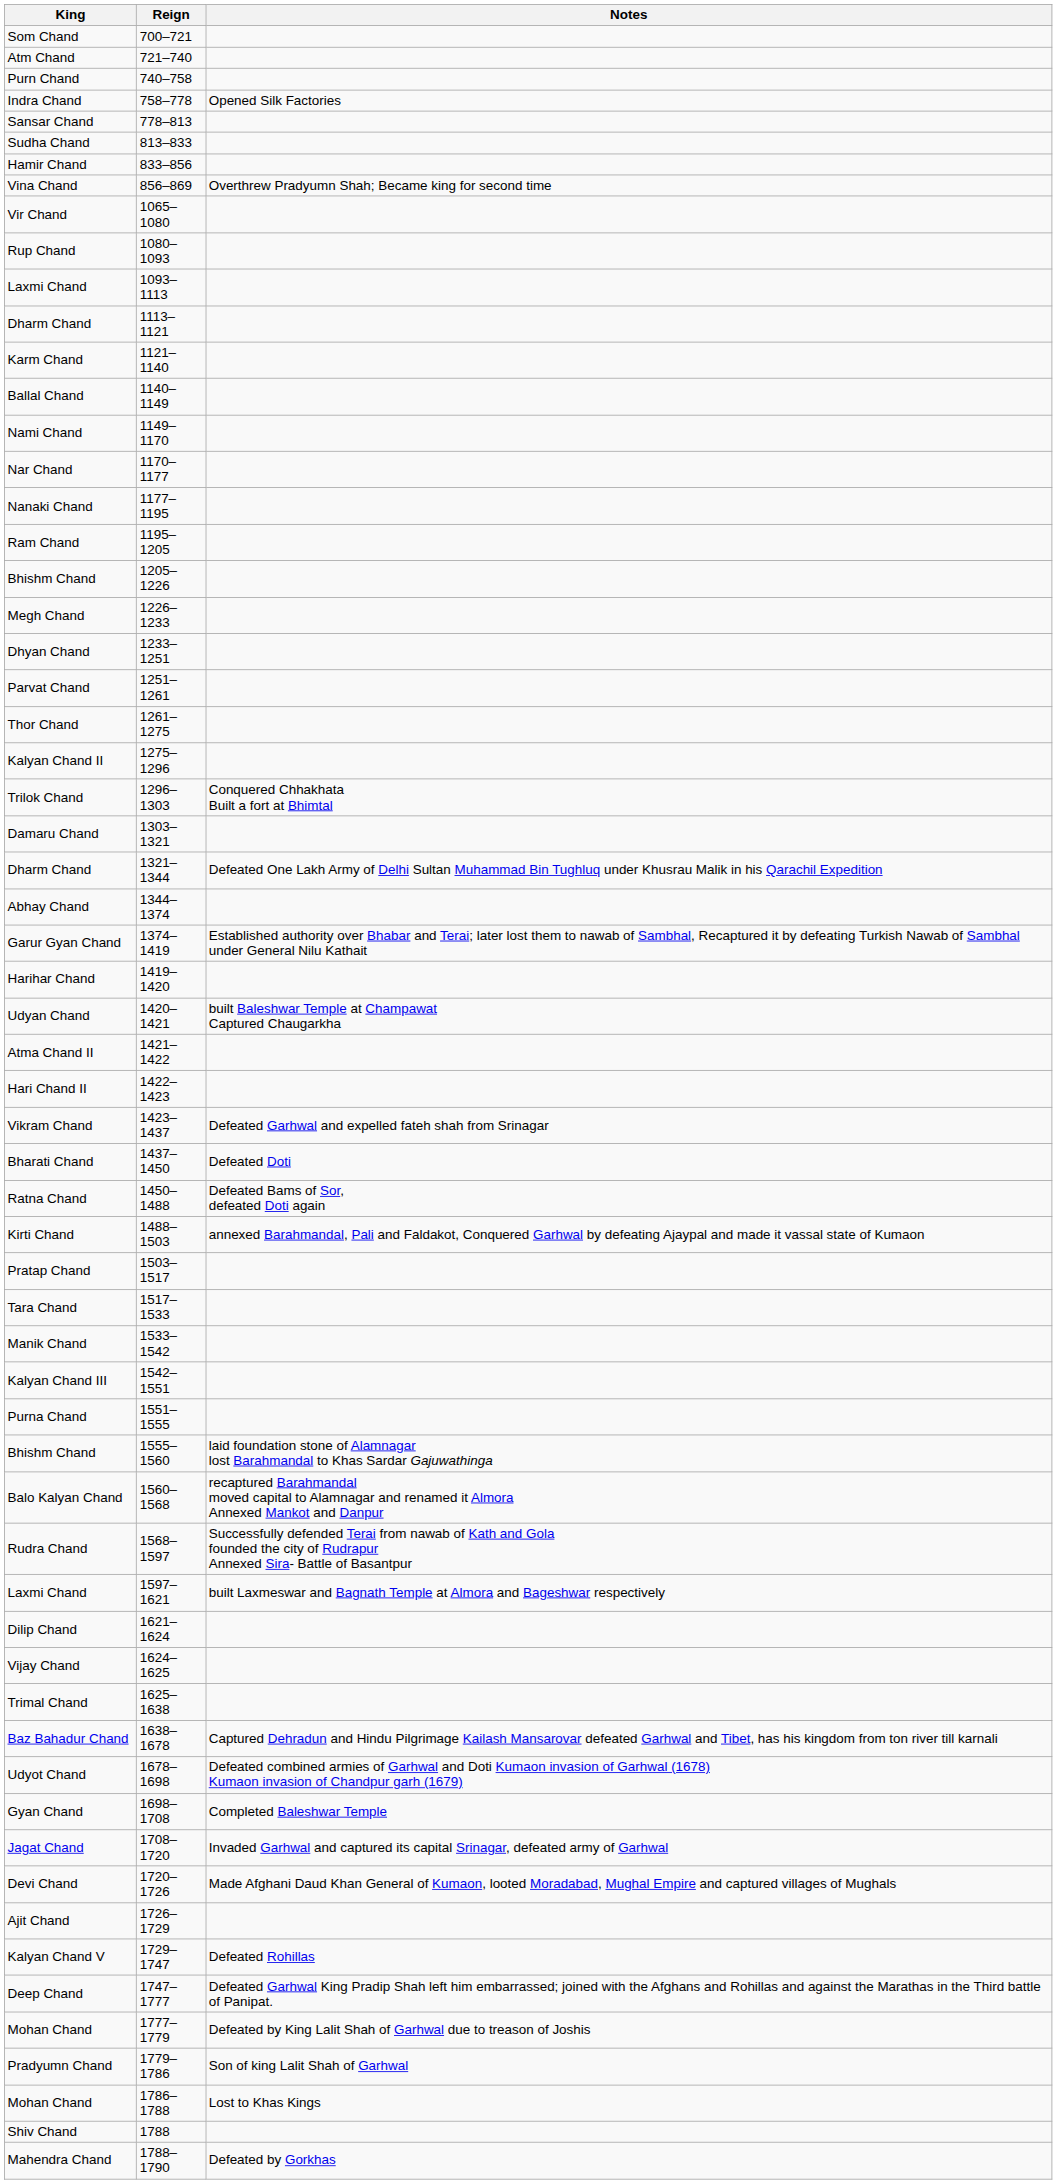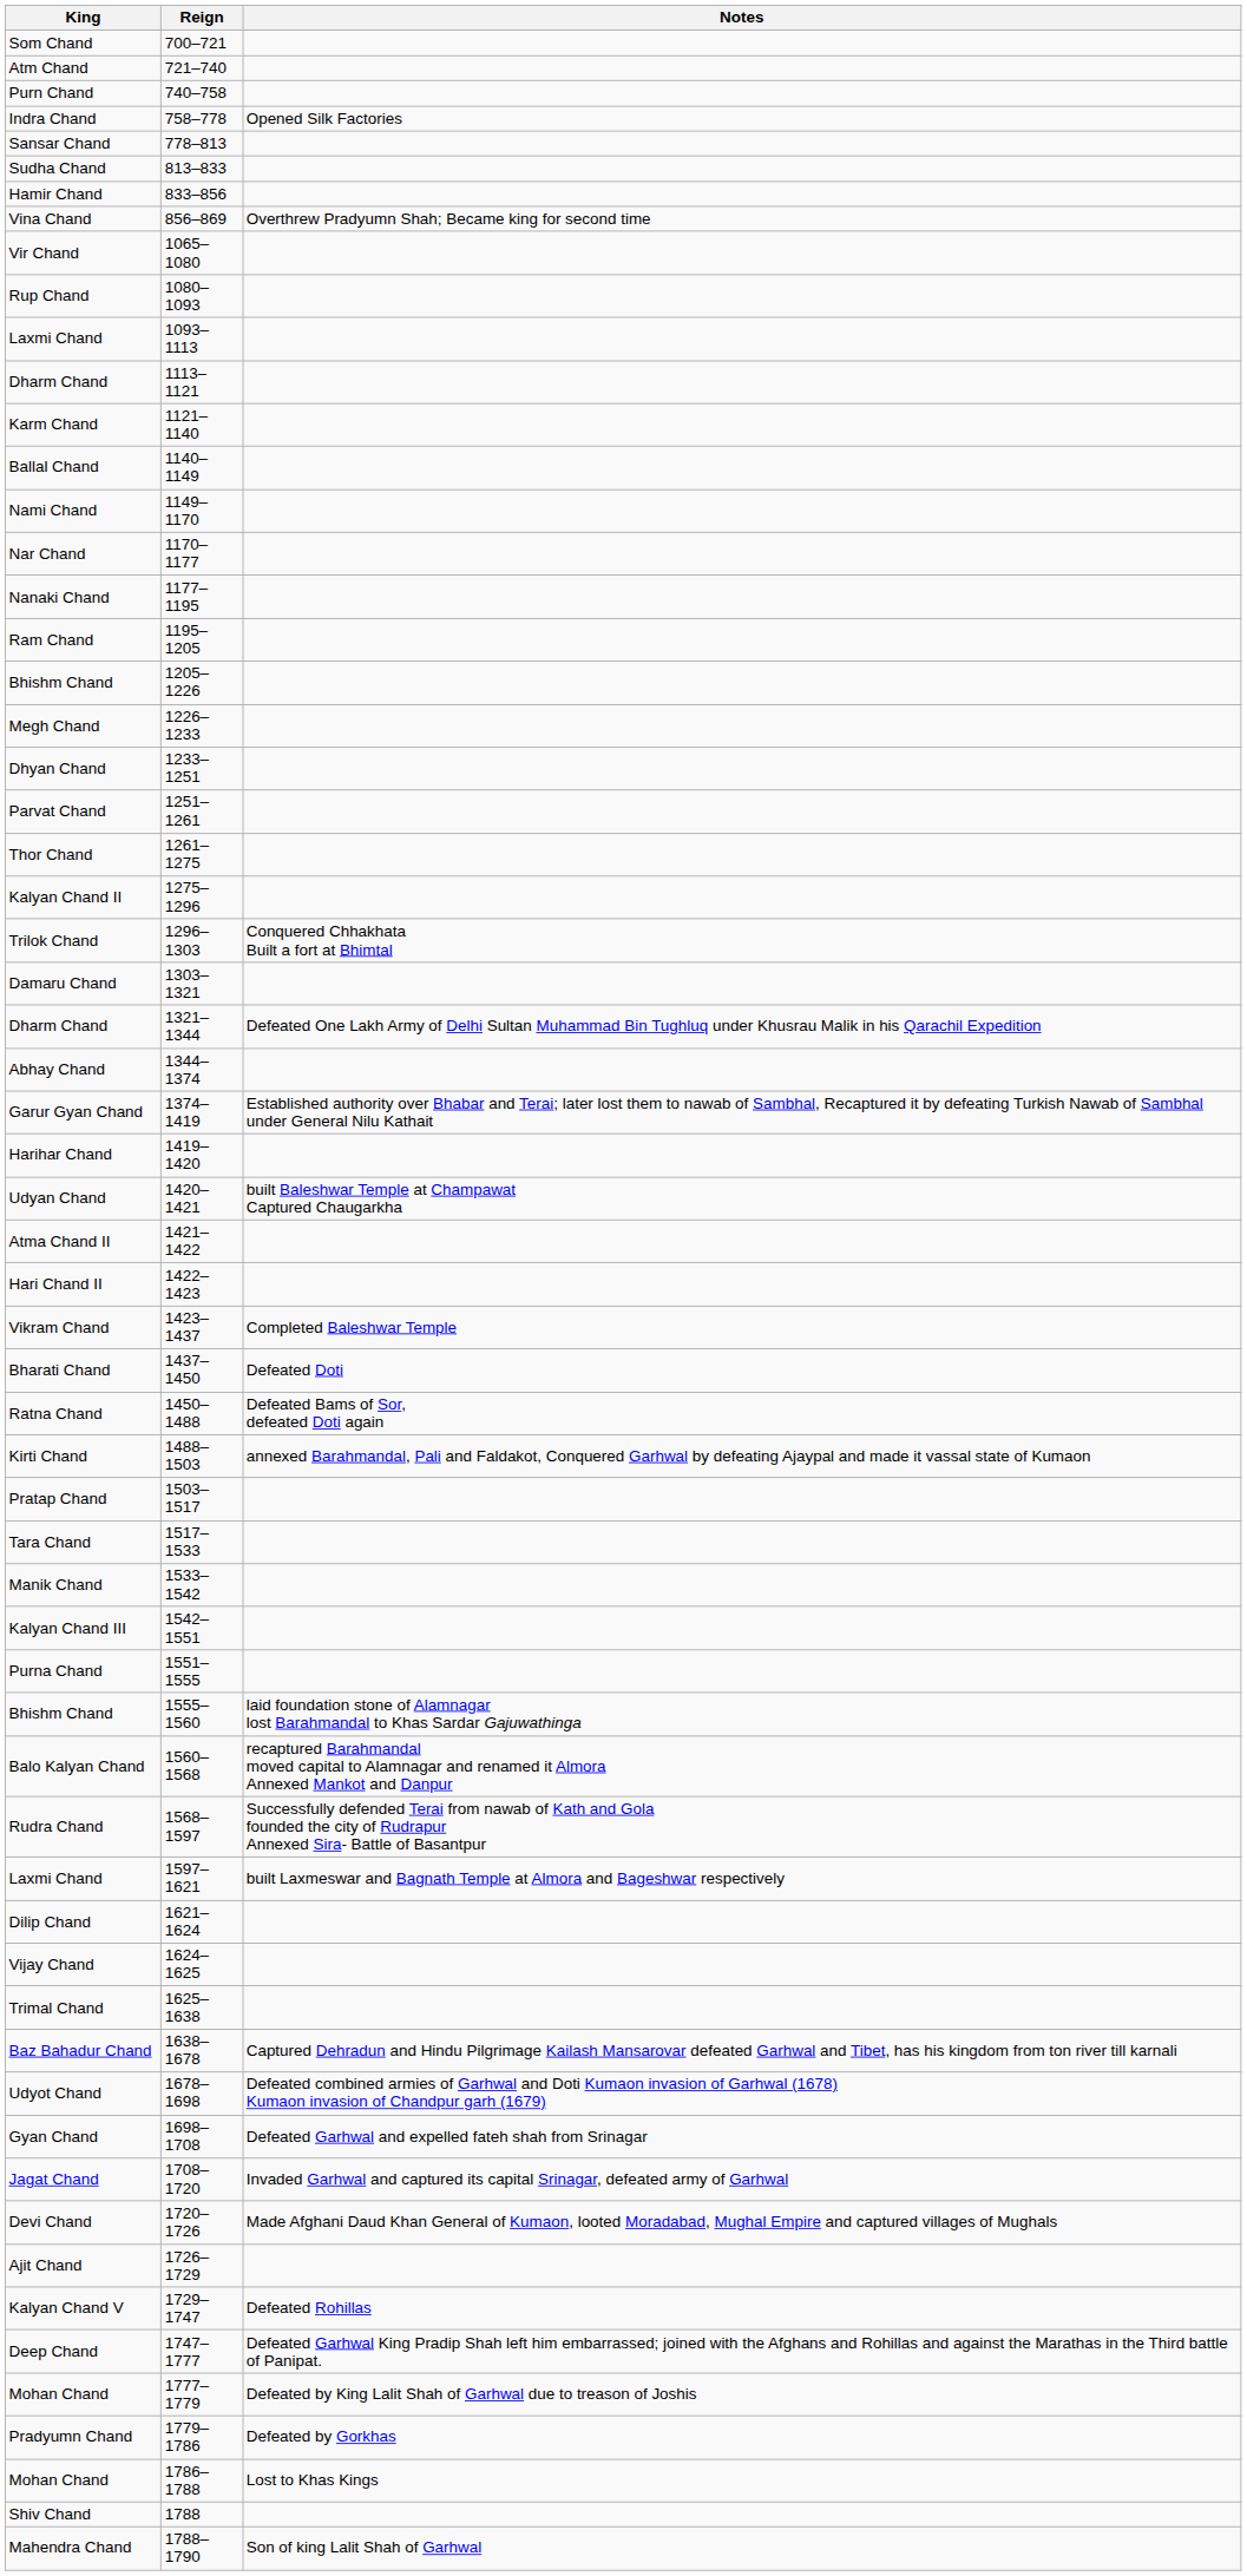 <table class="sortable wikitable">
 <tr>
 <th width="150" rowspan="1">King</th>
 <th rowspan="1">Reign</th>
 <th rowspan="1">Notes</th>
 </tr>
 <tr>
 <td>Som Chand</td>
 <td>700–721</td>
 <td></td>
 </tr>
 <tr>
 <td>Atm Chand</td>
 <td>721–740</td>
 <td></td>
 </tr>
 <tr>
 <td>Purn Chand</td>
 <td>740–758</td>
 <td></td>
 </tr>
 <tr>
 <td>Indra Chand</td>
 <td>758–778</td>
 <td>Opened Silk Factories</td>
 </tr>
 <tr>
 <td>Sansar Chand</td>
 <td>778–813</td>
 <td></td>
 </tr>
 <tr>
 <td>Sudha Chand</td>
 <td>813–833</td>
 <td></td>
 </tr>
 <tr>
 <td>Hamir Chand</td>
 <td>833–856</td>
 <td></td>
 </tr>
 <tr>
 <td>Vina Chand</td>
 <td>856–869</td>
 <td>Overthrew Pradyumn Shah; Became king for second time</td>
 </tr>
 <tr>
 <td>Vir Chand</td>
 <td>1065–1080</td>
 <td></td>
 </tr>
 <tr>
 <td>Rup Chand</td>
 <td>1080–1093</td>
 <td></td>
 </tr>
 <tr>
 <td>Laxmi Chand</td>
 <td>1093–1113</td>
 <td></td>
 </tr>
 <tr>
 <td>Dharm Chand</td>
 <td>1113–1121</td>
 <td></td>
 </tr>
 <tr>
 <td>Karm Chand</td>
 <td>1121–1140</td>
 <td></td>
 </tr>
 <tr>
 <td>Ballal Chand</td>
 <td>1140–1149</td>
 <td></td>
 </tr>
 <tr>
 <td>Nami Chand</td>
 <td>1149–1170</td>
 <td></td>
 </tr>
 <tr>
 <td>Nar Chand</td>
 <td>1170–1177</td>
 <td></td>
 </tr>
 <tr>
 <td>Nanaki Chand</td>
 <td>1177–1195</td>
 <td></td>
 </tr>
 <tr>
 <td>Ram Chand</td>
 <td>1195–1205</td>
 <td></td>
 </tr>
 <tr>
 <td>Bhishm Chand</td>
 <td>1205–1226</td>
 <td></td>
 </tr>
 <tr>
 <td>Megh Chand</td>
 <td>1226–1233</td>
 <td></td>
 </tr>
 <tr>
 <td>Dhyan Chand</td>
 <td>1233–1251</td>
 <td></td>
 </tr>
 <tr>
 <td>Parvat Chand</td>
 <td>1251–1261</td>
 <td></td>
 </tr>
 <tr>
 <td>Thor Chand</td>
 <td>1261–1275</td>
 <td></td>
 </tr>
 <tr>
 <td>Kalyan Chand II</td>
 <td>1275–1296</td>
 <td></td>
 </tr>
 <tr>
 <td>Trilok Chand</td>
 <td>1296–1303</td>
 <td>Conquered Chhakhata<br>Built a fort at <a href='#'>Bhimtal</a></td>
 </tr>
 <tr>
 <td>Damaru Chand</td>
 <td>1303–1321</td>
 <td></td>
 </tr>
 <tr>
 <td>Dharm Chand</td>
 <td>1321–1344</td>
 <td>Defeated One Lakh Army of <a href='#'>Delhi</a> Sultan <a href='#'>Muhammad Bin Tughluq</a> under Khusrau Malik in his <a href='#'>Qarachil Expedition</a></td>
 </tr>
 <tr>
 <td>Abhay Chand</td>
 <td>1344–1374</td>
 <td></td>
 </tr>
 <tr>
 <td>Garur Gyan Chand</td>
 <td>1374–1419</td>
 <td>Established authority over <a href='#'>Bhabar</a> and <a href='#'>Terai</a>; later lost them to nawab of <a href='#'>Sambhal</a>, Recaptured it by defeating Turkish Nawab of <a href='#'>Sambhal</a> under General Nilu Kathait</td>
 </tr>
 <tr>
 <td>Harihar Chand</td>
 <td>1419–1420</td>
 <td></td>
 </tr>
 <tr>
 <td>Udyan Chand</td>
 <td>1420–1421</td>
 <td>built <a href='#'>Baleshwar Temple</a> at <a href='#'>Champawat</a><br>Captured Chaugarkha</td>
 </tr>
 <tr>
 <td>Atma Chand II</td>
 <td>1421–1422</td>
 <td></td>
 </tr>
 <tr>
 <td>Hari Chand II</td>
 <td>1422–1423</td>
 <td></td>
 </tr>
 <tr>
 <td>Vikram Chand</td>
 <td>1423–1437</td>
-<td>Defeated <a href='#'>Garhwal</a> and expelled fateh shah from Srinagar</td>
+<td>Completed <a href='#'>Baleshwar Temple</a></td>
 </tr>
 <tr>
 <td>Bharati Chand</td>
 <td>1437–1450</td>
 <td>Defeated <a href='#'>Doti</a></td>
 </tr>
 <tr>
 <td>Ratna Chand</td>
 <td>1450–1488</td>
 <td>Defeated Bams of <a href='#'>Sor</a>,<br>defeated <a href='#'>Doti</a> again</td>
 </tr>
 <tr>
 <td>Kirti Chand</td>
 <td>1488–1503</td>
 <td>annexed <a href='#'>Barahmandal</a>, <a href='#'>Pali</a> and Faldakot,  Conquered <a href='#'>Garhwal</a> by defeating Ajaypal and made it vassal state of Kumaon</td>
 </tr>
 <tr>
 <td>Pratap Chand</td>
 <td>1503–1517</td>
 <td></td>
 </tr>
 <tr>
 <td>Tara Chand</td>
 <td>1517–1533</td>
 <td></td>
 </tr>
 <tr>
 <td>Manik Chand</td>
 <td>1533–1542</td>
 <td></td>
 </tr>
 <tr>
 <td>Kalyan Chand III</td>
 <td>1542–1551</td>
 <td></td>
 </tr>
 <tr>
 <td>Purna Chand</td>
 <td>1551–1555</td>
 <td></td>
 </tr>
 <tr>
 <td>Bhishm Chand</td>
 <td>1555–1560</td>
 <td>laid foundation stone of <a href='#'>Alamnagar</a><br>lost <a href='#'>Barahmandal</a> to Khas Sardar <em>Gajuwathinga</em></td>
 </tr>
 <tr>
 <td>Balo Kalyan Chand</td>
 <td>1560–1568</td>
 <td>recaptured <a href='#'>Barahmandal</a><br>moved capital to Alamnagar and renamed it <a href='#'>Almora</a><br>Annexed <a href='#'>Mankot</a> and <a href='#'>Danpur</a></td>
 </tr>
 <tr>
 <td>Rudra Chand</td>
 <td>1568–1597</td>
 <td>Successfully defended <a href='#'>Terai</a> from nawab of <a href='#'>Kath and Gola</a><br>founded the city of <a href='#'>Rudrapur</a><br>Annexed <a href='#'>Sira</a>- Battle of Basantpur</td>
 </tr>
 <tr>
 <td>Laxmi Chand</td>
 <td>1597–1621</td>
 <td>built Laxmeswar and <a href='#'>Bagnath Temple</a> at <a href='#'>Almora</a> and <a href='#'>Bageshwar</a> respectively</td>
 </tr>
 <tr>
 <td>Dilip Chand</td>
 <td>1621–1624</td>
 <td></td>
 </tr>
 <tr>
 <td>Vijay Chand</td>
 <td>1624–1625</td>
 <td></td>
 </tr>
 <tr>
 <td>Trimal Chand</td>
 <td>1625–1638</td>
 <td></td>
 </tr>
 <tr>
 <td><a href='#'>Baz Bahadur Chand</a></td>
 <td>1638–1678</td>
 <td>Captured <a href='#'>Dehradun</a> and Hindu Pilgrimage <a href='#'>Kailash Mansarovar</a> defeated <a href='#'>Garhwal</a> and <a href='#'>Tibet</a>, has his kingdom from ton river till karnali</td>
 </tr>
 <tr>
 <td>Udyot Chand</td>
 <td>1678–1698</td>
 <td>Defeated combined armies of <a href='#'>Garhwal</a> and Doti <a href='#'>Kumaon invasion of Garhwal (1678)</a><br><a href='#'>Kumaon invasion of Chandpur garh (1679)</a></td>
 </tr>
 <tr>
 <td>Gyan Chand</td>
 <td>1698–1708</td>
-<td>Completed <a href='#'>Baleshwar Temple</a></td>
+<td>Defeated <a href='#'>Garhwal</a> and expelled fateh shah from Srinagar</td>
 </tr>
 <tr>
 <td><a href='#'>Jagat Chand</a></td>
 <td>1708–1720</td>
 <td>Invaded <a href='#'>Garhwal</a> and captured its capital <a href='#'>Srinagar</a>, defeated army of <a href='#'>Garhwal</a></td>
 </tr>
 <tr>
 <td>Devi Chand</td>
 <td>1720–1726</td>
 <td>Made Afghani Daud Khan General of <a href='#'>Kumaon</a>, looted <a href='#'>Moradabad</a>, <a href='#'>Mughal Empire</a> and captured villages of Mughals</td>
 </tr>
 <tr>
 <td>Ajit Chand</td>
 <td>1726–1729</td>
 <td></td>
 </tr>
 <tr>
 <td>Kalyan Chand V</td>
 <td>1729–1747</td>
 <td>Defeated <a href='#'>Rohillas</a></td>
 </tr>
 <tr>
 <td>Deep Chand</td>
 <td>1747–1777</td>
 <td>Defeated <a href='#'>Garhwal</a> King Pradip Shah left him embarrassed; joined with the Afghans and Rohillas and against the Marathas in the Third battle of Panipat.</td>
 </tr>
 <tr>
 <td>Mohan Chand</td>
 <td>1777–1779</td>
 <td>Defeated by King Lalit Shah of <a href='#'>Garhwal</a> due to treason of Joshis</td>
 </tr>
 <tr>
 <td>Pradyumn Chand</td>
 <td>1779–1786</td>
-<td>Son of king Lalit Shah of <a href='#'>Garhwal</a></td>
+<td>Defeated by <a href='#'>Gorkhas</a></td>
 </tr>
 <tr>
 <td>Mohan Chand</td>
 <td>1786–1788</td>
 <td>Lost to Khas Kings</td>
 </tr>
 <tr>
 <td>Shiv Chand</td>
 <td>1788</td>
 <td></td>
 </tr>
 <tr>
 <td>Mahendra Chand</td>
 <td>1788–1790</td>
-<td>Defeated by <a href='#'>Gorkhas</a></td>
+<td>Son of king Lalit Shah of <a href='#'>Garhwal</a></td>
 </tr>
 </table>
